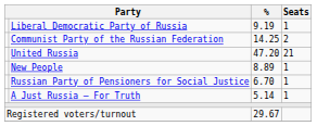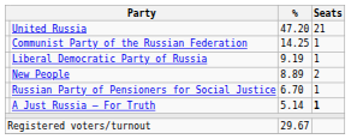 <table class="wikitable">
 <tr>
 <th colspan=2>Party</th>
 <th>%</th>
 <th>Seats</th>
+</tr>
+<tr>
+<td style="background:"></td>
+<td><a href='#'>United Russia</a></td>
+<td>47.20</td>
+<td>21</td>
+</tr>
+<tr>
+<td style="background:"></td>
+<td><a href='#'>Communist Party of the Russian Federation</a></td>
+<td>14.25</td>
+<td>1</td>
 </tr>
 <tr>
 <td style="background:"></td>
 <td><a href='#'>Liberal Democratic Party of Russia</a></td>
 <td>9.19</td>
 <td>1</td>
 </tr>
 <tr>
 <td style="background:"></td>
-<td><a href='#'>Communist Party of the Russian Federation</a></td>
-<td>14.25</td>
-<td>2</td>
-</tr>
-<tr>
-<td style="background:"></td>
-<td><a href='#'>United Russia</a></td>
-<td>47.20</td>
-<td>21</td>
-</tr>
-<tr>
-<td style="background:"></td>
 <td><a href='#'>New People</a></td>
 <td>8.89</td>
-<td>1</td>
+<td>2</td>
 </tr>
 <tr>
 <td style="background:"></td>
 <td><a href='#'>Russian Party of Pensioners for Social Justice</a></td>
 <td>6.70</td>
 <td>1</td>
 </tr>
 <tr>
 <td style="background:"></td>
 <td><a href='#'>A Just Russia — For Truth</a></td>
 <td>5.14</td>
-<td>1</td>
+<td><strong>1</strong></td>
 </tr>
 <tr>
 <td colspan=4 style="background:#E9E9E9;"></td>
 </tr>
 <tr>
 <td align=left colspan=2>Registered voters/turnout</td>
 <td>29.67</td>
 <td></td>
 </tr>
 <tr>
 </tr>
 </table>
